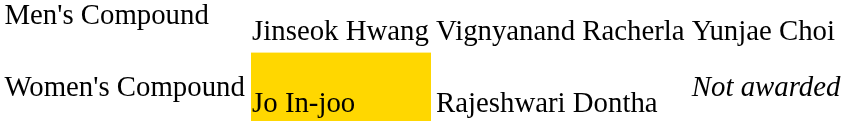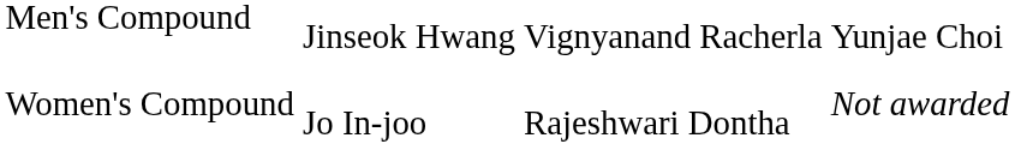 <table>
 <tr>
 <td>Men's Compound</td>
 <td><br>Jinseok Hwang</td>
 <td><br>Vignyanand Racherla</td>
 <td><br>Yunjae Choi</td>
 </tr>
 <tr>
 <td>Women's Compound</td>
-<td style="background: gold;"><br>Jo In-joo</td>
+<td><br>Jo In-joo</td>
 <td><br>Rajeshwari Dontha</td>
 <td><em>Not awarded</em></td>
 </tr>
 </table>
